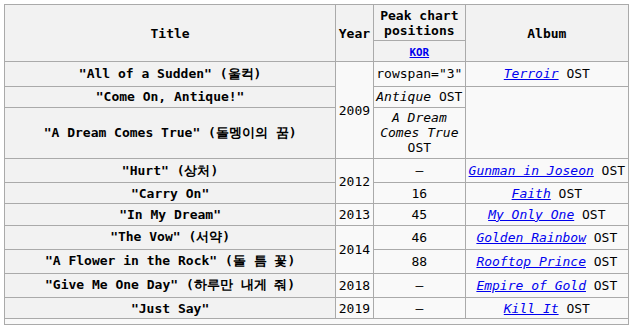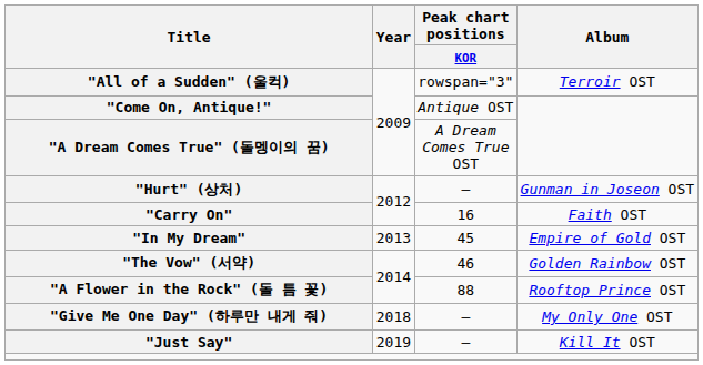 <table class="wikitable plainrowheaders" style="text-align:center;">
 <tr>
 <th scope="col" rowspan="2" style="width:25em;">Title</th>
 <th scope="col" rowspan="2">Year</th>
 <th scope="col" colspan="1" style="width:5em;">Peak chart positions</th>
 <th scope="col" rowspan="2">Album</th>
 </tr>
 <tr>
 <th><small><a href='#'>KOR</a></small><br></th>
 </tr>
 <tr>
 <th scope="row">"All of a Sudden" (울컥)</th>
 <td rowspan="3">2009</td>
 <td>rowspan="3" </td>
 <td><em><a href='#'>Terroir</a></em> OST</td>
 </tr>
 <tr>
 <th scope="row">"Come On, Antique!"</th>
 <td><em>Antique</em> OST</td>
 </tr>
 <tr>
 <th scope="row">"A Dream Comes True" (돌멩이의 꿈)<br></th>
 <td><em>A Dream Comes True</em> OST</td>
 </tr>
 <tr>
 <th scope="row">"Hurt" (상처)</th>
 <td rowspan="2">2012</td>
 <td>—</td>
 <td><em><a href='#'>Gunman in Joseon</a></em> OST</td>
 </tr>
 <tr>
 <th scope="row">"Carry On"</th>
 <td>16</td>
 <td><em><a href='#'>Faith</a></em> OST</td>
 </tr>
 <tr>
 <th scope="row">"In My Dream"</th>
 <td>2013</td>
 <td>45</td>
-<td><em><a href='#'>My Only One</a></em> OST</td>
+<td><em><a href='#'>Empire of Gold</a></em> OST</td>
 </tr>
 <tr>
 <th scope="row">"The Vow" (서약)</th>
 <td rowspan="2">2014</td>
 <td>46</td>
 <td><em><a href='#'>Golden Rainbow</a></em> OST</td>
 </tr>
 <tr>
 <th scope="row">"A Flower in the Rock" (돌 틈 꽃)</th>
 <td>88</td>
 <td><em><a href='#'>Rooftop Prince</a></em> OST</td>
 </tr>
 <tr>
 <th scope="row">"Give Me One Day" (하루만 내게 줘)</th>
 <td>2018</td>
 <td>—</td>
-<td><em><a href='#'>Empire of Gold</a></em> OST</td>
+<td><em><a href='#'>My Only One</a></em> OST</td>
 </tr>
 <tr>
 <th scope="row">"Just Say"</th>
 <td>2019</td>
 <td>—</td>
 <td><em><a href='#'>Kill It</a></em> OST</td>
 </tr>
 <tr>
 <td colspan="4"></td>
 </tr>
 <tr>
 </tr>
 </table>
